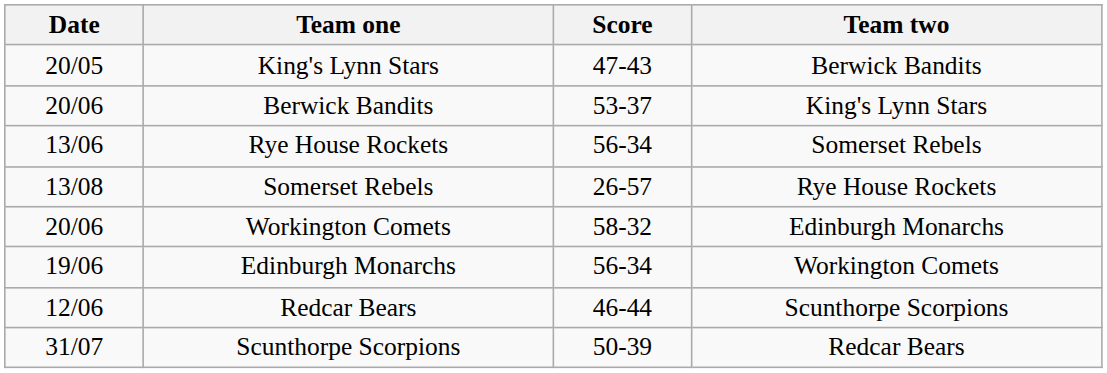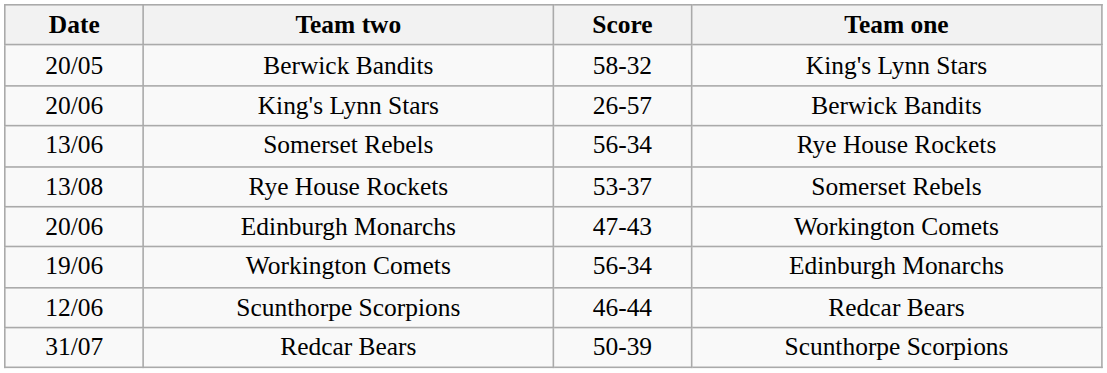 <table class="wikitable" style="text-align: center">
 <tr>
 <th width=80>Date</th>
+<th width=250>Team two</th>
+<th width=80>Score</th>
 <th width=250>Team one</th>
-<th width=80>Score</th>
-<th width=250>Team two</th>
 </tr>
 <tr>
 <td>20/05</td>
+<td>Berwick Bandits</td>
+<td>58-32</td>
 <td>King's Lynn Stars</td>
-<td>47-43</td>
+</tr>
+<tr>
+<td>20/06</td>
+<td>King's Lynn Stars</td>
+<td>26-57</td>
 <td>Berwick Bandits</td>
 </tr>
 <tr>
-<td>20/06</td>
-<td>Berwick Bandits</td>
-<td>53-37</td>
-<td>King's Lynn Stars</td>
+<td>13/06</td>
+<td>Somerset Rebels</td>
+<td>56-34</td>
+<td>Rye House Rockets</td>
 </tr>
 <tr>
-<td>13/06</td>
+<td>13/08</td>
 <td>Rye House Rockets</td>
-<td>56-34</td>
+<td>53-37</td>
 <td>Somerset Rebels</td>
 </tr>
 <tr>
-<td>13/08</td>
-<td>Somerset Rebels</td>
-<td>26-57</td>
-<td>Rye House Rockets</td>
+<td>20/06</td>
+<td>Edinburgh Monarchs</td>
+<td>47-43</td>
+<td>Workington Comets</td>
 </tr>
 <tr>
-<td>20/06</td>
+<td>19/06</td>
 <td>Workington Comets</td>
-<td>58-32</td>
+<td>56-34</td>
 <td>Edinburgh Monarchs</td>
 </tr>
 <tr>
-<td>19/06</td>
-<td>Edinburgh Monarchs</td>
-<td>56-34</td>
-<td>Workington Comets</td>
-</tr>
-<tr>
 <td>12/06</td>
+<td>Scunthorpe Scorpions</td>
+<td>46-44</td>
 <td>Redcar Bears</td>
-<td>46-44</td>
-<td>Scunthorpe Scorpions</td>
 </tr>
 <tr>
 <td>31/07</td>
+<td>Redcar Bears</td>
+<td>50-39</td>
 <td>Scunthorpe Scorpions</td>
-<td>50-39</td>
-<td>Redcar Bears</td>
 </tr>
 </table>
